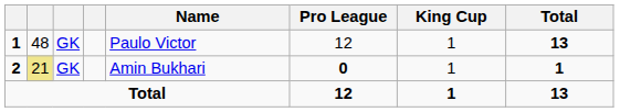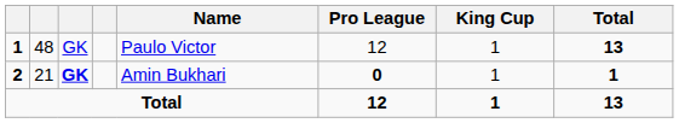 <table class="wikitable" style="text-align:center">
 <tr>
 <th width=15></th>
 <th width=15></th>
 <th width=15></th>
 <th width=15></th>
 <th width=175>Name</th>
 <th width=100>Pro League</th>
 <th width=100>King Cup</th>
 <th width=100>Total</th>
 </tr>
 <tr>
 <td><strong>1</strong></td>
 <td>48</td>
 <td><a href='#'>GK</a></td>
 <td></td>
 <td align=left><a href='#'>Paulo Victor</a></td>
 <td>12</td>
 <td>1</td>
 <td><strong>13</strong></td>
 </tr>
 <tr>
 <td><strong>2</strong></td>
-<td style="background: khaki;">21</td>
-<td><a href='#'>GK</a></td>
+<td>21</td>
+<td><strong><a href='#'>GK</a></strong></td>
 <td></td>
 <td align=left><a href='#'>Amin Bukhari</a></td>
 <td><strong>0</strong></td>
 <td>1</td>
 <td><strong>1</strong></td>
 </tr>
 <tr>
 <td colspan=5><strong>Total</strong></td>
 <td><strong>12</strong></td>
 <td><strong>1</strong></td>
 <td><strong>13</strong></td>
 </tr>
 </table>
